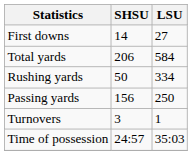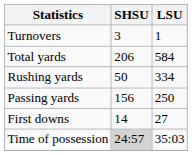 <table class="wikitable">
 <tr>
 <th>Statistics</th>
 <th>SHSU</th>
 <th>LSU</th>
 </tr>
 <tr>
-<td>First downs</td>
-<td>14</td>
-<td>27</td>
+<td>Turnovers</td>
+<td>3</td>
+<td>1</td>
 </tr>
 <tr>
 <td>Total yards</td>
 <td>206</td>
 <td>584</td>
 </tr>
 <tr>
 <td>Rushing yards</td>
 <td>50</td>
 <td>334</td>
 </tr>
 <tr>
 <td>Passing yards</td>
 <td>156</td>
 <td>250</td>
 </tr>
 <tr>
-<td>Turnovers</td>
-<td>3</td>
-<td>1</td>
+<td>First downs</td>
+<td>14</td>
+<td>27</td>
 </tr>
 <tr>
 <td>Time of possession</td>
-<td>24:57</td>
+<td style="background: lightgrey;">24:57</td>
 <td>35:03</td>
 </tr>
 <tr>
 </tr>
 </table>
